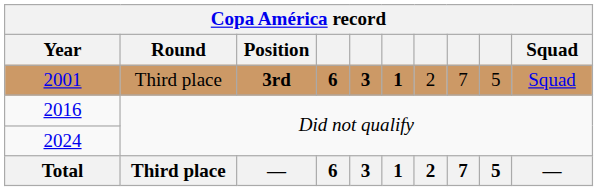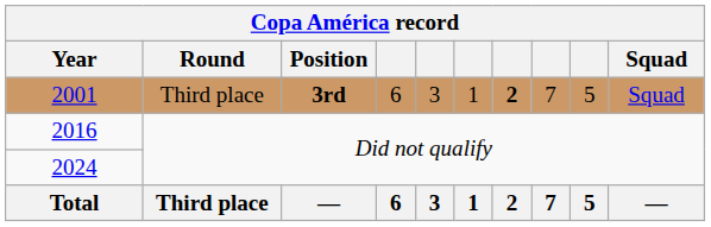 <table class="wikitable" style="text-align: center;">
 <tr>
 <th colspan=10><a href='#'>Copa América</a> record</th>
 </tr>
 <tr>
 <th width=90>Year</th>
 <th width=90>Round</th>
 <th width=60>Position</th>
 <th width=20></th>
 <th width=20></th>
 <th width=20></th>
 <th width=20></th>
 <th width=20></th>
 <th width=20></th>
 <th width=60>Squad</th>
 </tr>
 <tr style="background:#c96;">
 <td> <a href='#'>2001</a></td>
 <td>Third place</td>
 <td><strong>3rd</strong></td>
-<td><strong>6</strong></td>
-<td><strong>3</strong></td>
-<td><strong>1</strong></td>
-<td>2</td>
+<td>6</td>
+<td>3</td>
+<td>1</td>
+<td><strong>2</strong></td>
 <td>7</td>
 <td>5</td>
 <td><a href='#'>Squad</a></td>
 </tr>
 <tr>
 <td> <a href='#'>2016</a></td>
 <td colspan=9 rowspan=2><em>Did not qualify</em></td>
 </tr>
 <tr>
 <td> <a href='#'>2024</a></td>
 </tr>
 <tr>
 <th>Total</th>
 <th>Third place</th>
 <th>—</th>
 <th>6</th>
 <th>3</th>
 <th>1</th>
 <th>2</th>
 <th>7</th>
 <th>5</th>
 <th>—</th>
 </tr>
 </table>
